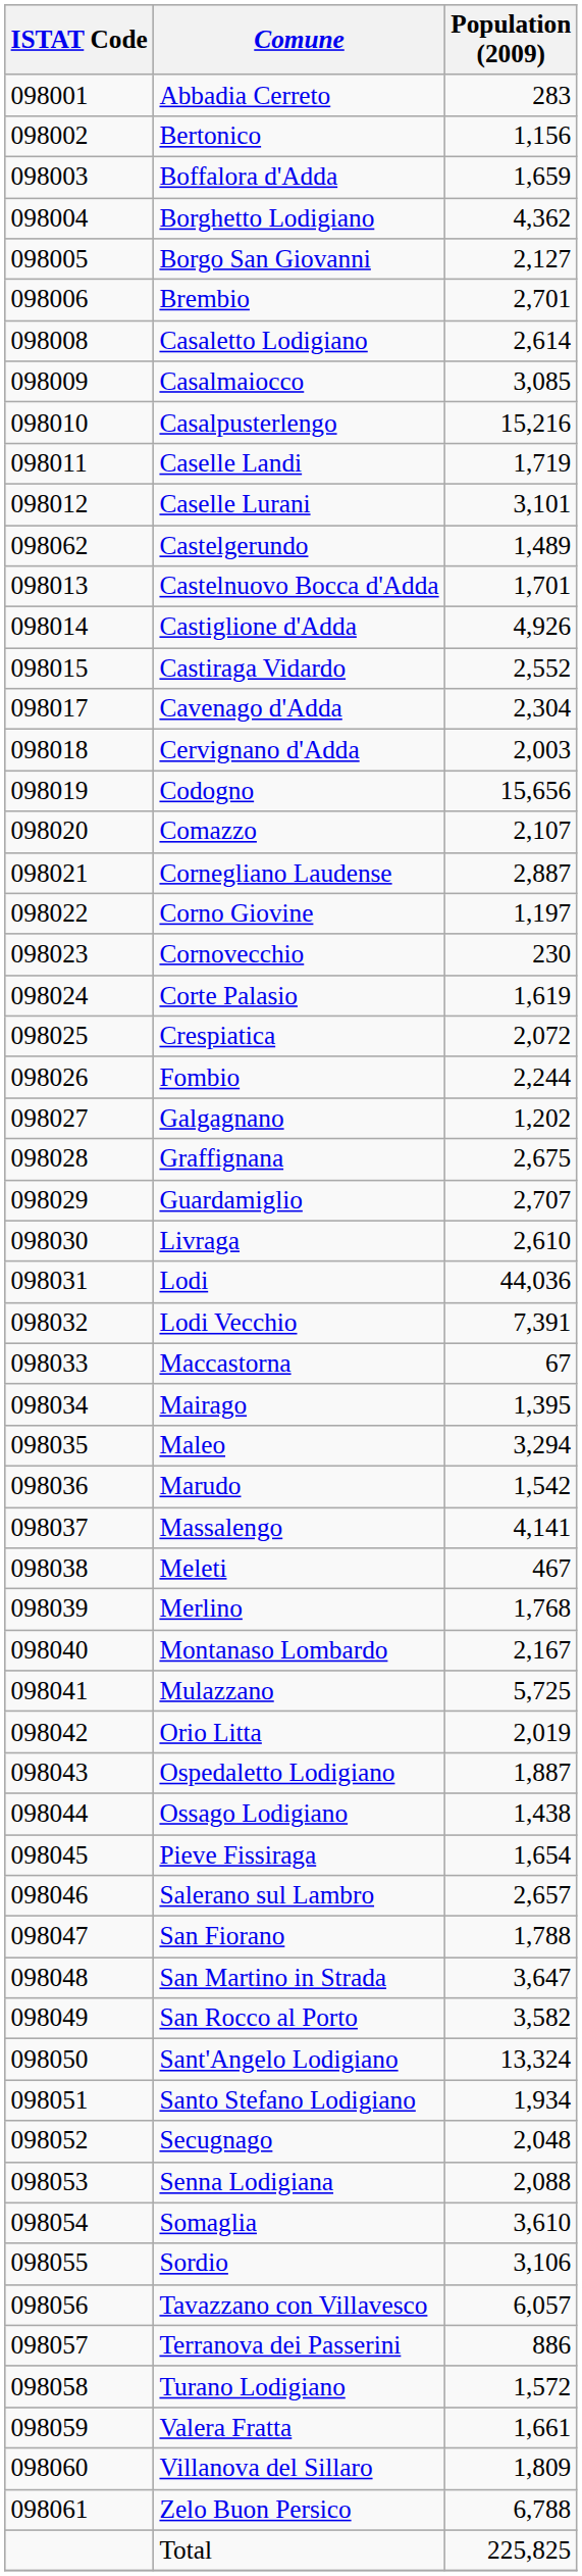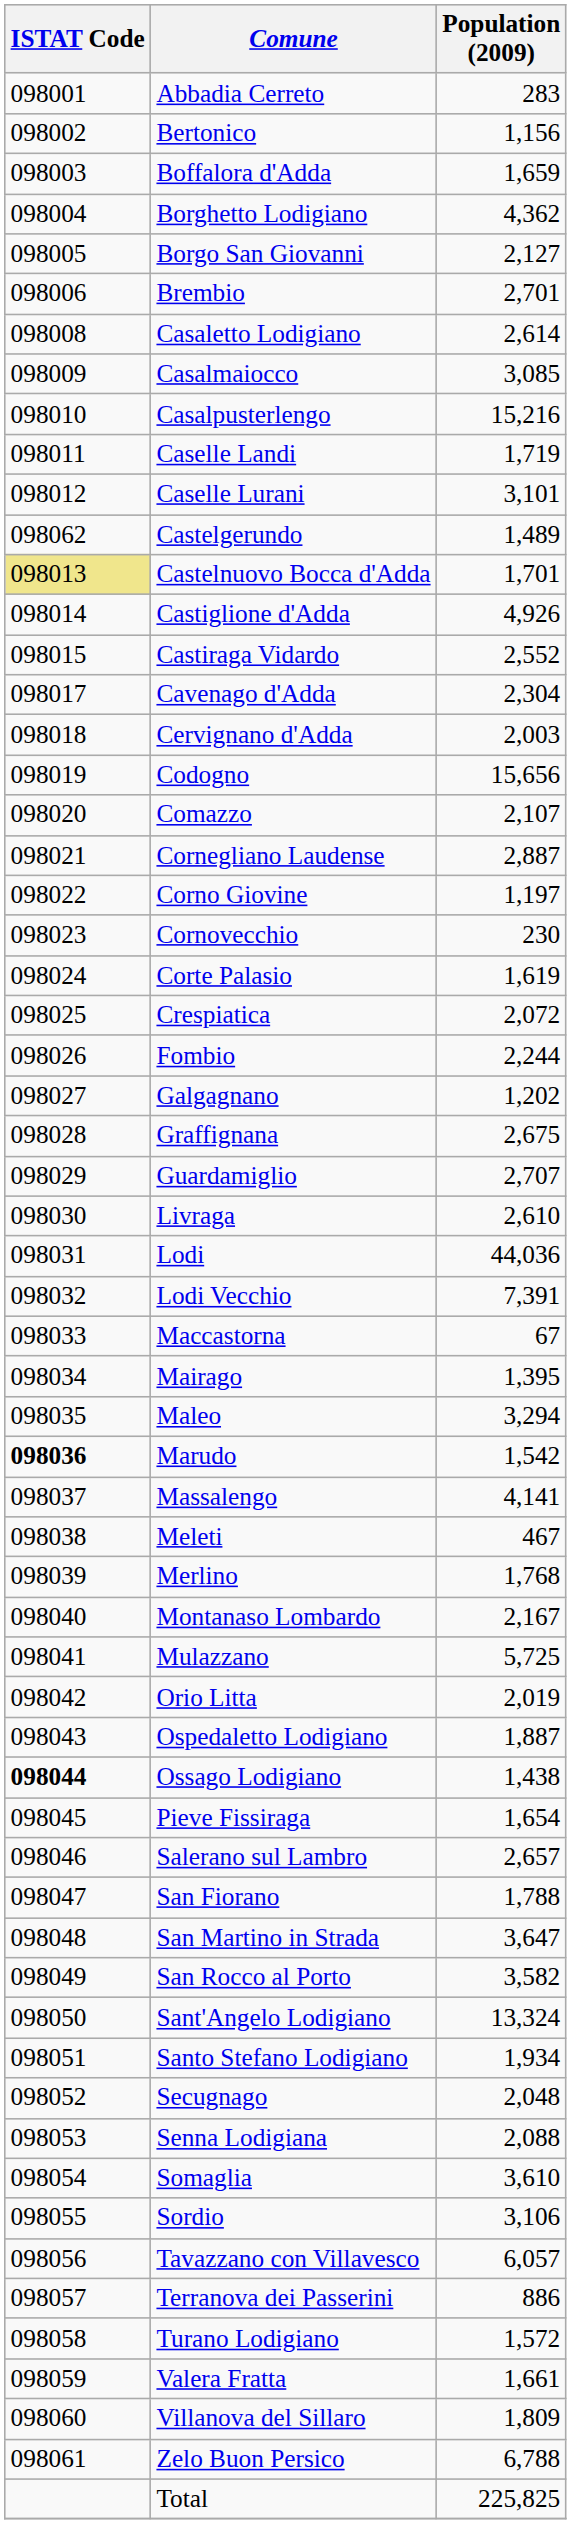 <table class="wikitable sortable">
 <tr>
 <th><a href='#'>ISTAT</a> Code</th>
 <th><em><a href='#'>Comune</a></em></th>
 <th>Population <br>(2009)</th>
 </tr>
 <tr>
 <td>098001</td>
 <td><a href='#'>Abbadia Cerreto</a></td>
 <td align=right>283</td>
 </tr>
 <tr>
 <td>098002</td>
 <td><a href='#'>Bertonico</a></td>
 <td align=right>1,156</td>
 </tr>
 <tr>
 <td>098003</td>
 <td><a href='#'>Boffalora d'Adda</a></td>
 <td align=right>1,659</td>
 </tr>
 <tr>
 <td>098004</td>
 <td><a href='#'>Borghetto Lodigiano</a></td>
 <td align=right>4,362</td>
 </tr>
 <tr>
 <td>098005</td>
 <td><a href='#'>Borgo San Giovanni</a></td>
 <td align=right>2,127</td>
 </tr>
 <tr>
 <td>098006</td>
 <td><a href='#'>Brembio</a></td>
 <td align=right>2,701</td>
 </tr>
 <tr>
 <td>098008</td>
 <td><a href='#'>Casaletto Lodigiano</a></td>
 <td align=right>2,614</td>
 </tr>
 <tr>
 <td>098009</td>
 <td><a href='#'>Casalmaiocco</a></td>
 <td align=right>3,085</td>
 </tr>
 <tr>
 <td>098010</td>
 <td><a href='#'>Casalpusterlengo</a></td>
 <td align=right>15,216</td>
 </tr>
 <tr>
 <td>098011</td>
 <td><a href='#'>Caselle Landi</a></td>
 <td align=right>1,719</td>
 </tr>
 <tr>
 <td>098012</td>
 <td><a href='#'>Caselle Lurani</a></td>
 <td align=right>3,101</td>
 </tr>
 <tr>
 <td>098062</td>
 <td><a href='#'>Castelgerundo</a></td>
 <td align=right>1,489</td>
 </tr>
 <tr>
-<td>098013</td>
+<td style="background: khaki;">098013</td>
 <td><a href='#'>Castelnuovo Bocca d'Adda</a></td>
 <td align=right>1,701</td>
 </tr>
 <tr>
 <td>098014</td>
 <td><a href='#'>Castiglione d'Adda</a></td>
 <td align=right>4,926</td>
 </tr>
 <tr>
 <td>098015</td>
 <td><a href='#'>Castiraga Vidardo</a></td>
 <td align=right>2,552</td>
 </tr>
 <tr>
 <td>098017</td>
 <td><a href='#'>Cavenago d'Adda</a></td>
 <td align=right>2,304</td>
 </tr>
 <tr>
 <td>098018</td>
 <td><a href='#'>Cervignano d'Adda</a></td>
 <td align=right>2,003</td>
 </tr>
 <tr>
 <td>098019</td>
 <td><a href='#'>Codogno</a></td>
 <td align=right>15,656</td>
 </tr>
 <tr>
 <td>098020</td>
 <td><a href='#'>Comazzo</a></td>
 <td align=right>2,107</td>
 </tr>
 <tr>
 <td>098021</td>
 <td><a href='#'>Cornegliano Laudense</a></td>
 <td align=right>2,887</td>
 </tr>
 <tr>
 <td>098022</td>
 <td><a href='#'>Corno Giovine</a></td>
 <td align=right>1,197</td>
 </tr>
 <tr>
 <td>098023</td>
 <td><a href='#'>Cornovecchio</a></td>
 <td align=right>230</td>
 </tr>
 <tr>
 <td>098024</td>
 <td><a href='#'>Corte Palasio</a></td>
 <td align=right>1,619</td>
 </tr>
 <tr>
 <td>098025</td>
 <td><a href='#'>Crespiatica</a></td>
 <td align=right>2,072</td>
 </tr>
 <tr>
 <td>098026</td>
 <td><a href='#'>Fombio</a></td>
 <td align=right>2,244</td>
 </tr>
 <tr>
 <td>098027</td>
 <td><a href='#'>Galgagnano</a></td>
 <td align=right>1,202</td>
 </tr>
 <tr>
 <td>098028</td>
 <td><a href='#'>Graffignana</a></td>
 <td align=right>2,675</td>
 </tr>
 <tr>
 <td>098029</td>
 <td><a href='#'>Guardamiglio</a></td>
 <td align=right>2,707</td>
 </tr>
 <tr>
 <td>098030</td>
 <td><a href='#'>Livraga</a></td>
 <td align=right>2,610</td>
 </tr>
 <tr>
 <td>098031</td>
 <td><a href='#'>Lodi</a></td>
 <td align=right>44,036</td>
 </tr>
 <tr>
 <td>098032</td>
 <td><a href='#'>Lodi Vecchio</a></td>
 <td align=right>7,391</td>
 </tr>
 <tr>
 <td>098033</td>
 <td><a href='#'>Maccastorna</a></td>
 <td align=right>67</td>
 </tr>
 <tr>
 <td>098034</td>
 <td><a href='#'>Mairago</a></td>
 <td align=right>1,395</td>
 </tr>
 <tr>
 <td>098035</td>
 <td><a href='#'>Maleo</a></td>
 <td align=right>3,294</td>
 </tr>
 <tr>
-<td>098036</td>
+<td><strong>098036</strong></td>
 <td><a href='#'>Marudo</a></td>
 <td align=right>1,542</td>
 </tr>
 <tr>
 <td>098037</td>
 <td><a href='#'>Massalengo</a></td>
 <td align=right>4,141</td>
 </tr>
 <tr>
 <td>098038</td>
 <td><a href='#'>Meleti</a></td>
 <td align=right>467</td>
 </tr>
 <tr>
 <td>098039</td>
 <td><a href='#'>Merlino</a></td>
 <td align=right>1,768</td>
 </tr>
 <tr>
 <td>098040</td>
 <td><a href='#'>Montanaso Lombardo</a></td>
 <td align=right>2,167</td>
 </tr>
 <tr>
 <td>098041</td>
 <td><a href='#'>Mulazzano</a></td>
 <td align=right>5,725</td>
 </tr>
 <tr>
 <td>098042</td>
 <td><a href='#'>Orio Litta</a></td>
 <td align=right>2,019</td>
 </tr>
 <tr>
 <td>098043</td>
 <td><a href='#'>Ospedaletto Lodigiano</a></td>
 <td align=right>1,887</td>
 </tr>
 <tr>
-<td>098044</td>
+<td><strong>098044</strong></td>
 <td><a href='#'>Ossago Lodigiano</a></td>
 <td align=right>1,438</td>
 </tr>
 <tr>
 <td>098045</td>
 <td><a href='#'>Pieve Fissiraga</a></td>
 <td align=right>1,654</td>
 </tr>
 <tr>
 <td>098046</td>
 <td><a href='#'>Salerano sul Lambro</a></td>
 <td align=right>2,657</td>
 </tr>
 <tr>
 <td>098047</td>
 <td><a href='#'>San Fiorano</a></td>
 <td align=right>1,788</td>
 </tr>
 <tr>
 <td>098048</td>
 <td><a href='#'>San Martino in Strada</a></td>
 <td align=right>3,647</td>
 </tr>
 <tr>
 <td>098049</td>
 <td><a href='#'>San Rocco al Porto</a></td>
 <td align=right>3,582</td>
 </tr>
 <tr>
 <td>098050</td>
 <td><a href='#'>Sant'Angelo Lodigiano</a></td>
 <td align=right>13,324</td>
 </tr>
 <tr>
 <td>098051</td>
 <td><a href='#'>Santo Stefano Lodigiano</a></td>
 <td align=right>1,934</td>
 </tr>
 <tr>
 <td>098052</td>
 <td><a href='#'>Secugnago</a></td>
 <td align=right>2,048</td>
 </tr>
 <tr>
 <td>098053</td>
 <td><a href='#'>Senna Lodigiana</a></td>
 <td align=right>2,088</td>
 </tr>
 <tr>
 <td>098054</td>
 <td><a href='#'>Somaglia</a></td>
 <td align=right>3,610</td>
 </tr>
 <tr>
 <td>098055</td>
 <td><a href='#'>Sordio</a></td>
 <td align=right>3,106</td>
 </tr>
 <tr>
 <td>098056</td>
 <td><a href='#'>Tavazzano con Villavesco</a></td>
 <td align=right>6,057</td>
 </tr>
 <tr>
 <td>098057</td>
 <td><a href='#'>Terranova dei Passerini</a></td>
 <td align=right>886</td>
 </tr>
 <tr>
 <td>098058</td>
 <td><a href='#'>Turano Lodigiano</a></td>
 <td align=right>1,572</td>
 </tr>
 <tr>
 <td>098059</td>
 <td><a href='#'>Valera Fratta</a></td>
 <td align=right>1,661</td>
 </tr>
 <tr>
 <td>098060</td>
 <td><a href='#'>Villanova del Sillaro</a></td>
 <td align=right>1,809</td>
 </tr>
 <tr>
 <td>098061</td>
 <td><a href='#'>Zelo Buon Persico</a></td>
 <td align=right>6,788</td>
 </tr>
 <tr>
 <td></td>
 <td>Total</td>
 <td align=right>225,825</td>
 </tr>
 <tr>
 </tr>
 </table>
